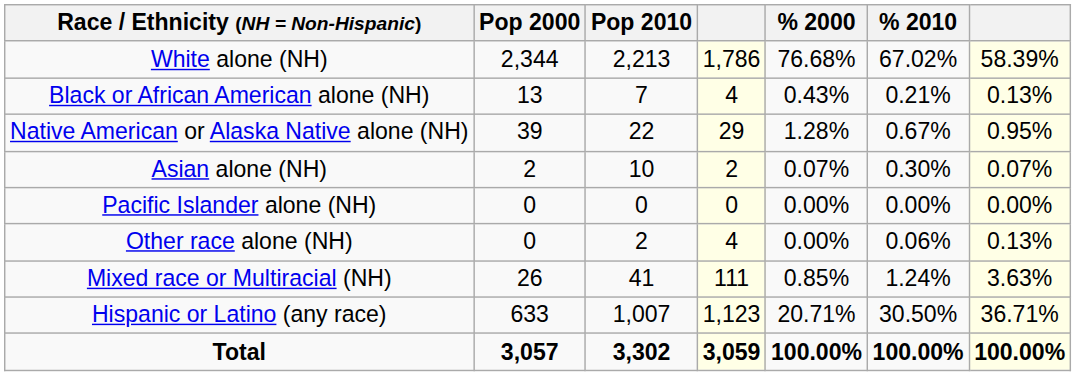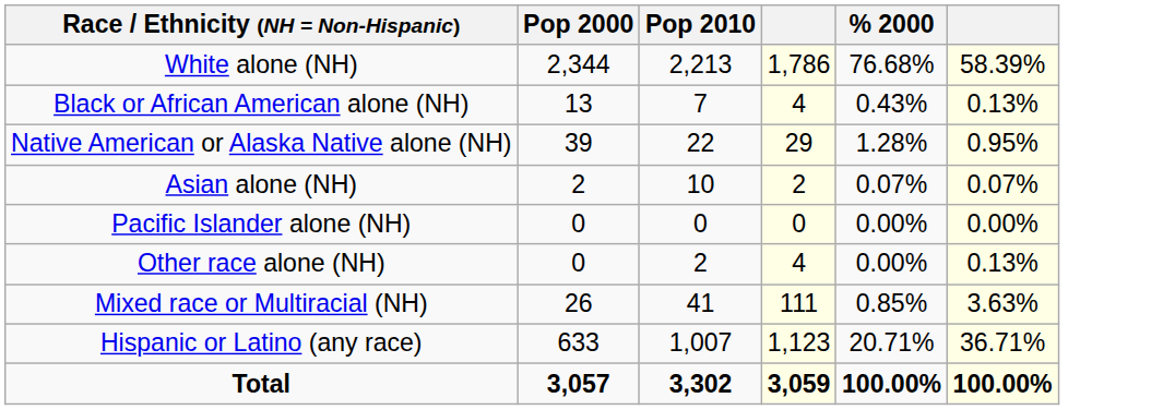 <table class="wikitable" style="text-align:center;">
 <tr>
 <th>Race / Ethnicity <small>(<em>NH = Non-Hispanic</em>)</small></th>
 <th>Pop 2000</th>
 <th>Pop 2010</th>
 <th></th>
 <th>% 2000</th>
-<th>% 2010</th>
 <th></th>
 </tr>
 <tr>
 <td><a href='#'>White</a> alone (NH)</td>
 <td>2,344</td>
 <td>2,213</td>
 <td style='background: #ffffe6;'>1,786</td>
 <td>76.68%</td>
-<td>67.02%</td>
 <td style='background: #ffffe6;'>58.39%</td>
 </tr>
 <tr>
 <td><a href='#'>Black or African American</a> alone (NH)</td>
 <td>13</td>
 <td>7</td>
 <td style='background: #ffffe6;'>4</td>
 <td>0.43%</td>
-<td>0.21%</td>
 <td style='background: #ffffe6;'>0.13%</td>
 </tr>
 <tr>
 <td><a href='#'>Native American</a> or <a href='#'>Alaska Native</a> alone (NH)</td>
 <td>39</td>
 <td>22</td>
 <td style='background: #ffffe6;'>29</td>
 <td>1.28%</td>
-<td>0.67%</td>
 <td style='background: #ffffe6;'>0.95%</td>
 </tr>
 <tr>
 <td><a href='#'>Asian</a> alone (NH)</td>
 <td>2</td>
 <td>10</td>
 <td style='background: #ffffe6;'>2</td>
 <td>0.07%</td>
-<td>0.30%</td>
 <td style='background: #ffffe6;'>0.07%</td>
 </tr>
 <tr>
 <td><a href='#'>Pacific Islander</a> alone (NH)</td>
 <td>0</td>
 <td>0</td>
 <td style='background: #ffffe6;'>0</td>
-<td>0.00%</td>
 <td>0.00%</td>
 <td style='background: #ffffe6;'>0.00%</td>
 </tr>
 <tr>
 <td><a href='#'>Other race</a> alone (NH)</td>
 <td>0</td>
 <td>2</td>
 <td style='background: #ffffe6;'>4</td>
 <td>0.00%</td>
-<td>0.06%</td>
 <td style='background: #ffffe6;'>0.13%</td>
 </tr>
 <tr>
 <td><a href='#'>Mixed race or Multiracial</a> (NH)</td>
 <td>26</td>
 <td>41</td>
 <td style='background: #ffffe6;'>111</td>
 <td>0.85%</td>
-<td>1.24%</td>
 <td style='background: #ffffe6;'>3.63%</td>
 </tr>
 <tr>
 <td><a href='#'>Hispanic or Latino</a> (any race)</td>
 <td>633</td>
 <td>1,007</td>
 <td style='background: #ffffe6;'>1,123</td>
 <td>20.71%</td>
-<td>30.50%</td>
 <td style='background: #ffffe6;'>36.71%</td>
 </tr>
 <tr>
 <td><strong>Total</strong></td>
 <td><strong>3,057</strong></td>
 <td><strong>3,302</strong></td>
 <td style='background: #ffffe6;'><strong>3,059</strong></td>
 <td><strong>100.00%</strong></td>
-<td><strong>100.00%</strong></td>
 <td style='background: #ffffe6;'><strong>100.00%</strong></td>
 </tr>
 </table>
